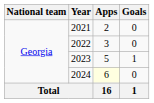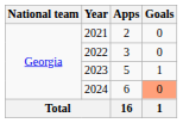 <table class="wikitable" style="text-align:center">
 <tr>
 <th>National team</th>
 <th>Year</th>
 <th>Apps</th>
 <th>Goals</th>
 </tr>
 <tr>
 <td rowspan="4"><a href='#'>Georgia</a></td>
 <td>2021</td>
 <td>2</td>
 <td>0</td>
 </tr>
 <tr>
 <td>2022</td>
 <td>3</td>
 <td>0</td>
 </tr>
 <tr>
 <td>2023</td>
 <td>5</td>
 <td>1</td>
 </tr>
 <tr>
 <td>2024</td>
-<td style="background: lightyellow;">6</td>
-<td>0</td>
+<td>6</td>
+<td style="background: lightsalmon;">0</td>
 </tr>
 <tr>
 <th colspan="2">Total</th>
 <th>16</th>
 <th>1</th>
 </tr>
 </table>
